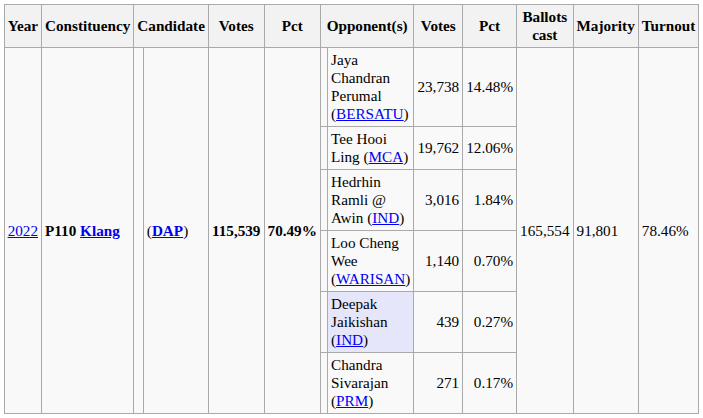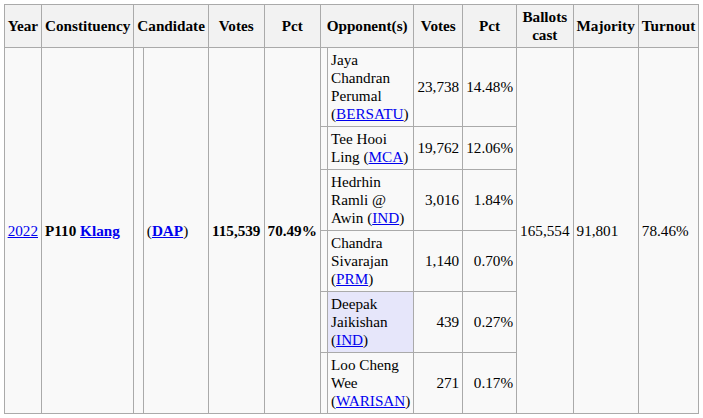 <table class="wikitable" style="margin:0.5em ; font-size:95%">
 <tr>
 <th>Year</th>
 <th>Constituency</th>
 <th colspan=2>Candidate</th>
 <th>Votes</th>
 <th>Pct</th>
 <th colspan=2>Opponent(s)</th>
 <th>Votes</th>
 <th>Pct</th>
 <th>Ballots cast</th>
 <th>Majority</th>
 <th>Turnout</th>
 </tr>
 <tr>
 <td rowspan=6><a href='#'>2022</a></td>
 <td rowspan=6><strong>P110 <a href='#'>Klang</a></strong></td>
 <td rowspan=6 ></td>
 <td rowspan=6> (<a href='#'><strong>DAP</strong></a>)</td>
 <td rowspan=6 align="right"><strong>115,539</strong></td>
 <td rowspan=6><strong>70.49%</strong></td>
 <td bgcolor=></td>
 <td>Jaya Chandran Perumal (<a href='#'>BERSATU</a>)</td>
 <td align="right">23,738</td>
 <td>14.48%</td>
 <td rowspan=6>165,554</td>
 <td rowspan=6>91,801</td>
 <td rowspan=6>78.46%</td>
 </tr>
 <tr>
 <td></td>
 <td>Tee Hooi Ling (<a href='#'>MCA</a>)</td>
 <td align="right">19,762</td>
 <td>12.06%</td>
 </tr>
 <tr>
 <td></td>
 <td>Hedrhin Ramli @ Awin (<a href='#'>IND</a>)</td>
 <td align="right">3,016</td>
 <td align="right">1.84%</td>
 </tr>
 <tr>
 <td></td>
-<td>Loo Cheng Wee (<a href='#'>WARISAN</a>)</td>
+<td>Chandra Sivarajan (<a href='#'>PRM</a>)</td>
 <td align="right">1,140</td>
 <td align="right">0.70%</td>
 </tr>
 <tr>
 <td></td>
 <td style="background: lavender;">Deepak Jaikishan (<a href='#'>IND</a>)</td>
 <td align="right">439</td>
 <td align="right">0.27%</td>
 </tr>
 <tr>
 <td bgcolor=></td>
-<td>Chandra Sivarajan (<a href='#'>PRM</a>)</td>
+<td>Loo Cheng Wee (<a href='#'>WARISAN</a>)</td>
 <td align="right">271</td>
 <td align="right">0.17%</td>
 </tr>
 </table>
